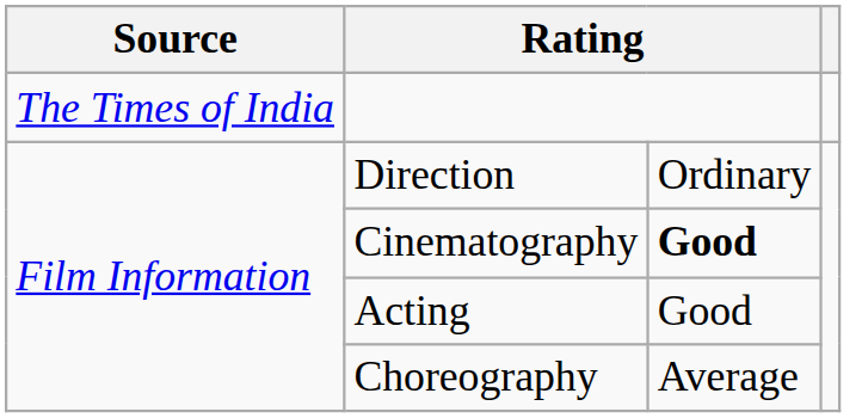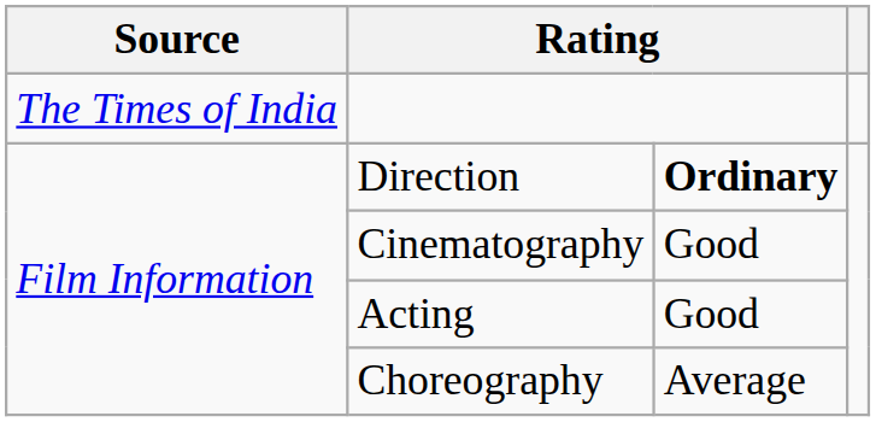 <table class="wikitable">
 <tr>
 <th>Source</th>
 <th colspan="2">Rating</th>
 <th></th>
 </tr>
 <tr>
 <td><em><a href='#'>The Times of India</a></em></td>
 <td colspan="2"></td>
 <td></td>
 </tr>
 <tr>
 <td rowspan="4"><em><a href='#'>Film Information</a></em></td>
 <td>Direction</td>
-<td>Ordinary</td>
+<td><strong>Ordinary</strong></td>
 <td rowspan="4"></td>
 </tr>
 <tr>
 <td>Cinematography</td>
-<td><strong>Good</strong></td>
+<td>Good</td>
 </tr>
 <tr>
 <td>Acting</td>
 <td>Good</td>
 </tr>
 <tr>
 <td>Choreography</td>
 <td>Average</td>
 </tr>
 </table>
